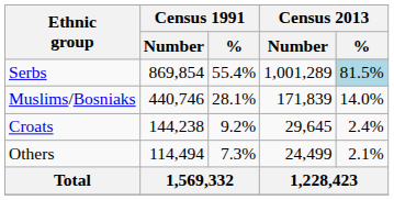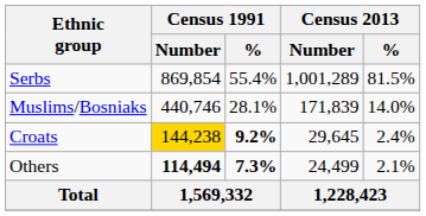 <table class="wikitable">
 <tr>
 <th rowspan="2">Ethnic<br>group</th>
 <th colspan="2">Census 1991</th>
 <th colspan="2">Census 2013</th>
 </tr>
 <tr>
 <th>Number</th>
 <th>%</th>
 <th>Number</th>
 <th>%</th>
 </tr>
 <tr>
 <td><a href='#'>Serbs</a></td>
 <td align="right">869,854</td>
 <td align="right">55.4%</td>
 <td align="right">1,001,289</td>
-<td align="right" style="background: lightblue;">81.5%</td>
+<td align="right">81.5%</td>
 </tr>
 <tr>
 <td><a href='#'>Muslims</a>/<a href='#'>Bosniaks</a></td>
 <td align="right">440,746</td>
 <td align="right">28.1%</td>
 <td align="right">171,839</td>
 <td align="right">14.0%</td>
 </tr>
 <tr>
 <td><a href='#'>Croats</a></td>
-<td align="right">144,238</td>
-<td align="right">9.2%</td>
+<td align="right" style="background: gold;">144,238</td>
+<td align="right"><strong>9.2%</strong></td>
 <td align="right">29,645</td>
 <td align="right">2.4%</td>
 </tr>
 <tr>
 <td>Others</td>
-<td align="right">114,494</td>
-<td align="right">7.3%</td>
+<td align="right"><strong>114,494</strong></td>
+<td align="right"><strong>7.3%</strong></td>
 <td align="right">24,499</td>
 <td align="right">2.1%</td>
 </tr>
 <tr class="sortbottom">
 <th>Total</th>
 <th colspan="2" align="right">1,569,332</th>
 <th colspan="2">1,228,423</th>
 </tr>
 <tr>
 </tr>
 </table>
